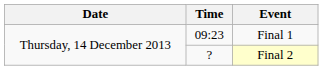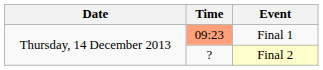 <table class = "wikitable" style="text-align:center;">
 <tr>
 <th width=220>Date</th>
 <th width=50>Time</th>
 <th width=100>Event</th>
 </tr>
 <tr>
 <td rowspan=2>Thursday, 14 December 2013</td>
-<td>09:23</td>
+<td style="background: lightsalmon;">09:23</td>
 <td>Final 1</td>
 </tr>
 <tr>
 <td>?</td>
 <td bgcolor=ffffcc>Final 2</td>
 </tr>
 </table>
